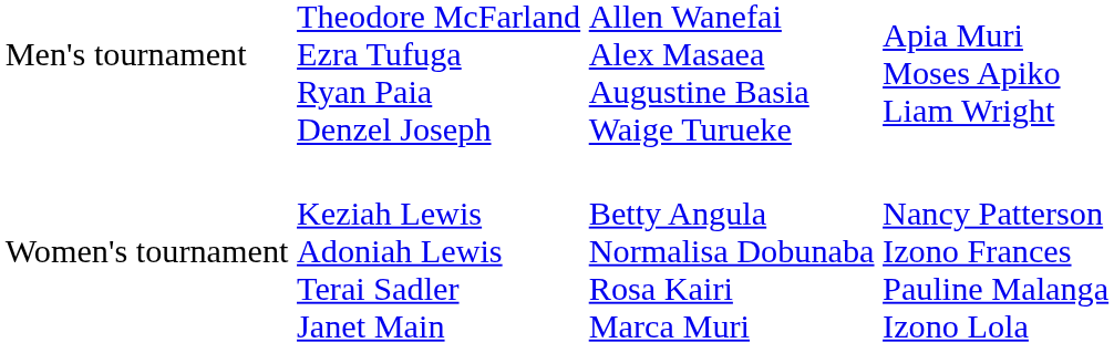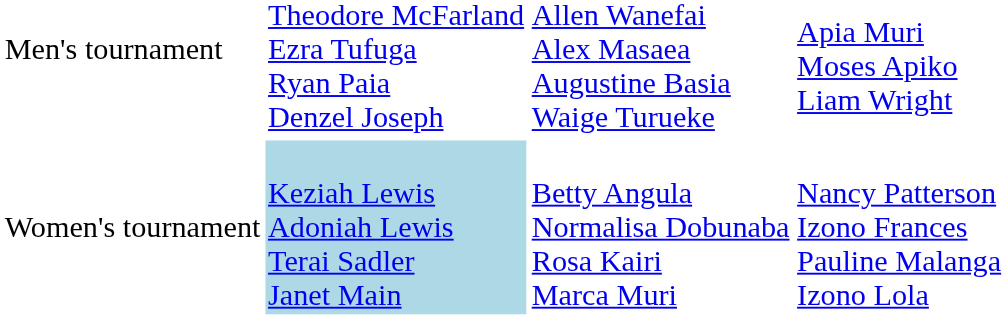 <table>
 <tr>
 <td>Men's tournament</td>
 <td><strong></strong><br><a href='#'>Theodore McFarland</a><br><a href='#'>Ezra Tufuga</a><br><a href='#'>Ryan Paia</a><br><a href='#'>Denzel Joseph</a></td>
 <td><strong></strong><br><a href='#'>Allen Wanefai</a><br><a href='#'>Alex Masaea</a><br><a href='#'>Augustine Basia</a><br><a href='#'>Waige Turueke</a></td>
 <td><strong></strong><br><a href='#'>Apia Muri</a><br><a href='#'>Moses Apiko</a><br><a href='#'>Liam Wright</a></td>
 </tr>
 <tr>
 <td>Women's tournament</td>
-<td><strong></strong><br><a href='#'>Keziah Lewis</a><br><a href='#'>Adoniah Lewis</a><br><a href='#'>Terai Sadler</a><br><a href='#'>Janet Main</a></td>
+<td style="background: lightblue;"><strong></strong><br><a href='#'>Keziah Lewis</a><br><a href='#'>Adoniah Lewis</a><br><a href='#'>Terai Sadler</a><br><a href='#'>Janet Main</a></td>
 <td><strong></strong><br><a href='#'>Betty Angula</a><br><a href='#'>Normalisa Dobunaba</a><br><a href='#'>Rosa Kairi</a><br><a href='#'>Marca Muri</a></td>
 <td><strong></strong><br><a href='#'>Nancy Patterson</a><br><a href='#'>Izono Frances</a><br><a href='#'>Pauline Malanga</a><br><a href='#'>Izono Lola</a></td>
 </tr>
 </table>
